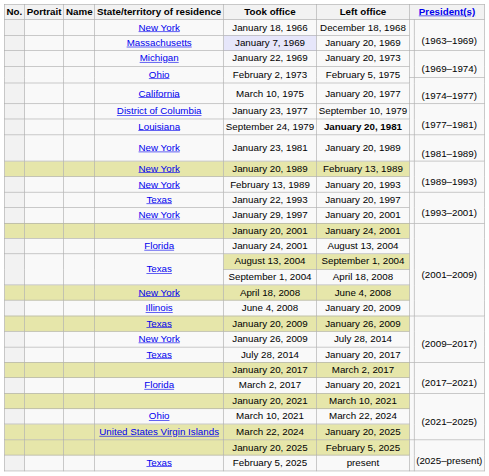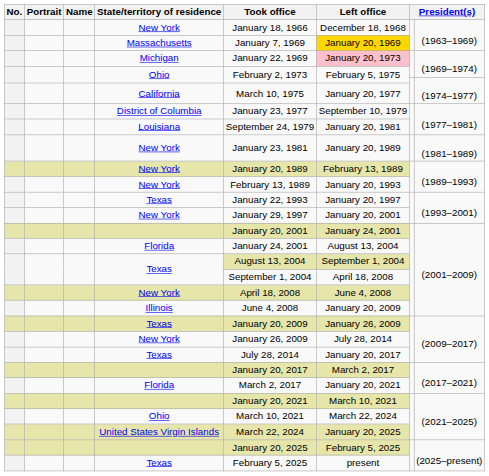 <table class="wikitable sortable" style="clear:left; text-align:center">
 <tr>
 <th>No.</th>
 <th class=unsortable>Portrait</th>
 <th>Name</th>
 <th>State/territory of residence</th>
 <th>Took office</th>
 <th>Left office</th>
 <th colspan=2><a href='#'>President(s)</a></th>
 </tr>
 <tr>
 <th style="background: "></th>
 <td></td>
 <td></td>
 <td><a href='#'>New York</a></td>
 <td>January 18, 1966</td>
 <td>December 18, 1968</td>
 <td rowspan=2 style="background: "></td>
 <td rowspan=2><br>(1963–1969)</td>
 </tr>
 <tr>
 <th style="background: "></th>
 <td></td>
 <td></td>
 <td><a href='#'>Massachusetts</a></td>
-<td style="background: lavender;">January 7, 1969</td>
-<td>January 20, 1969</td>
+<td>January 7, 1969</td>
+<td style="background: gold;">January 20, 1969</td>
 </tr>
 <tr>
 <th style="background: "></th>
 <td></td>
 <td></td>
 <td><a href='#'>Michigan</a></td>
 <td>January 22, 1969</td>
-<td>January 20, 1973</td>
+<td style="background: pink;">January 20, 1973</td>
 <td rowspan=2 style="background: "></td>
 <td rowspan=2><br>(1969–1974)</td>
 </tr>
 <tr>
 <th rowspan=2 style="background: "></th>
 <td rowspan=2></td>
 <td rowspan=2></td>
 <td rowspan=2><a href='#'>Ohio</a></td>
 <td rowspan=2>February 2, 1973</td>
 <td rowspan=2>February 5, 1975</td>
 </tr>
 <tr>
 <td rowspan=2 style="background: "></td>
 <td rowspan=2><br>(1974–1977)</td>
 </tr>
 <tr>
 <th style="background: "></th>
 <td></td>
 <td></td>
 <td><a href='#'>California</a></td>
 <td>March 10, 1975</td>
 <td>January 20, 1977</td>
 </tr>
 <tr>
 <th style="background: "></th>
 <td></td>
 <td></td>
 <td><a href='#'>District of Columbia</a></td>
 <td>January 23, 1977</td>
 <td>September 10, 1979</td>
 <td rowspan=2 style="background: "></td>
 <td rowspan=2><br>(1977–1981)</td>
 </tr>
 <tr>
 <th style="background: "></th>
 <td></td>
 <td></td>
 <td><a href='#'>Louisiana</a></td>
 <td>September 24, 1979</td>
-<td><strong>January 20, 1981</strong></td>
+<td>January 20, 1981</td>
 </tr>
 <tr>
 <th style="background: "></th>
 <td></td>
 <td></td>
 <td><a href='#'>New York</a></td>
 <td>January 23, 1981</td>
 <td>January 20, 1989</td>
 <td style="background: "></td>
 <td><br>(1981–1989)</td>
 </tr>
 <tr>
 <th style="background:#E6E6AA;"></th>
 <td bgcolor="#E6E6AA"></td>
 <td bgcolor="#E6E6AA"><br></td>
 <td bgcolor="#E6E6AA"><a href='#'>New York</a></td>
 <td bgcolor="#E6E6AA">January 20, 1989</td>
 <td bgcolor="#E6E6AA">February 13, 1989</td>
 <td rowspan=2 style="background: "></td>
 <td rowspan=2><br>(1989–1993)</td>
 </tr>
 <tr>
 <th style="background: "></th>
 <td></td>
 <td></td>
 <td><a href='#'>New York</a></td>
 <td>February 13, 1989</td>
 <td>January 20, 1993</td>
 </tr>
 <tr>
 <th style="background: "></th>
 <td></td>
 <td></td>
 <td><a href='#'>Texas</a></td>
 <td>January 22, 1993</td>
 <td>January 20, 1997</td>
 <td rowspan=2 style="background: "></td>
 <td rowspan=2><br>(1993–2001)</td>
 </tr>
 <tr>
 <th style="background: "></th>
 <td></td>
 <td></td>
 <td><a href='#'>New York</a></td>
 <td>January 29, 1997</td>
 <td>January 20, 2001</td>
 </tr>
 <tr>
 <th style="background:#E6E6AA;"></th>
 <td bgcolor="#E6E6AA"></td>
 <td bgcolor="#E6E6AA"><br></td>
 <td bgcolor="#E6E6AA"></td>
 <td bgcolor="#E6E6AA">January 20, 2001</td>
 <td bgcolor="#E6E6AA">January 24, 2001</td>
 <td rowspan="6" style="background: "></td>
 <td rowspan="6"><br>(2001–2009)</td>
 </tr>
 <tr>
 <th style="background: "></th>
 <td></td>
 <td></td>
 <td><a href='#'>Florida</a></td>
 <td>January 24, 2001</td>
 <td>August 13, 2004</td>
 </tr>
 <tr>
 <th rowspan=2 style="background: "></th>
 <td rowspan=2></td>
 <td rowspan=2></td>
 <td rowspan=2><a href='#'>Texas</a></td>
 <td bgcolor="#E6E6AA">August 13, 2004</td>
 <td bgcolor="#E6E6AA">September 1, 2004</td>
 </tr>
 <tr>
 <td>September 1, 2004</td>
 <td>April 18, 2008</td>
 </tr>
 <tr>
 <th style="background:#E6E6AA;"></th>
 <td bgcolor="#E6E6AA"></td>
 <td bgcolor="#E6E6AA"><br></td>
 <td bgcolor="#E6E6AA"><a href='#'>New York</a></td>
 <td bgcolor="#E6E6AA">April 18, 2008</td>
 <td bgcolor="#E6E6AA">June 4, 2008</td>
 </tr>
 <tr>
 <th style="background: "></th>
 <td></td>
 <td></td>
 <td><a href='#'>Illinois</a></td>
 <td>June 4, 2008</td>
 <td>January 20, 2009</td>
 </tr>
 <tr>
 <th style="background:#E6E6AA;"></th>
 <td bgcolor="#E6E6AA"></td>
 <td bgcolor="#E6E6AA"><br></td>
 <td bgcolor="#E6E6AA"><a href='#'>Texas</a></td>
 <td bgcolor="#E6E6AA">January 20, 2009</td>
 <td bgcolor="#E6E6AA">January 26, 2009</td>
 <td rowspan=3 style="background: "></td>
 <td rowspan=3><br>(2009–2017)</td>
 </tr>
 <tr>
 <th style="background: "></th>
 <td></td>
 <td></td>
 <td><a href='#'>New York</a></td>
 <td>January 26, 2009</td>
 <td>July 28, 2014</td>
 </tr>
 <tr>
 <th style="background: "></th>
 <td></td>
 <td></td>
 <td><a href='#'>Texas</a></td>
 <td>July 28, 2014</td>
 <td>January 20, 2017</td>
 </tr>
 <tr>
 <th style="background:#E6E6AA;"></th>
 <td bgcolor="#E6E6AA"></td>
 <td bgcolor="#E6E6AA"><br></td>
 <td bgcolor="#E6E6AA"></td>
 <td bgcolor="#E6E6AA">January 20, 2017</td>
 <td bgcolor="#E6E6AA">March 2, 2017</td>
 <td rowspan=2 style="background: "></td>
 <td rowspan=2><br>(2017–2021)</td>
 </tr>
 <tr>
 <th style="background: "></th>
 <td></td>
 <td></td>
 <td><a href='#'>Florida</a></td>
 <td>March 2, 2017</td>
 <td>January 20, 2021</td>
 </tr>
 <tr>
 <th style="background:#E6E6AA;"></th>
 <td bgcolor="#E6E6AA"></td>
 <td bgcolor="#E6E6AA"><br></td>
 <td bgcolor="#E6E6AA"></td>
 <td bgcolor="#E6E6AA">January 20, 2021</td>
 <td bgcolor="#E6E6AA">March 10, 2021</td>
 <td rowspan=3 style="background: "></td>
 <td rowspan=3><br>(2021–2025)</td>
 </tr>
 <tr>
 <th style="background: "></th>
 <td></td>
 <td></td>
 <td><a href='#'>Ohio</a></td>
 <td>March 10, 2021</td>
 <td>March 22, 2024</td>
 </tr>
 <tr>
 <th style="background:#E6E6AA;"></th>
 <td bgcolor="#E6E6AA"></td>
 <td bgcolor="#E6E6AA"><br></td>
 <td bgcolor="#E6E6AA"><a href='#'>United States Virgin Islands</a></td>
 <td bgcolor="#E6E6AA">March 22, 2024</td>
 <td bgcolor="#E6E6AA">January 20, 2025</td>
 </tr>
 <tr>
 <th style="background:#E6E6AA;"></th>
 <td bgcolor="#E6E6AA"></td>
 <td bgcolor="#E6E6AA"><br></td>
 <td bgcolor="#E6E6AA"></td>
 <td bgcolor="#E6E6AA">January 20, 2025</td>
 <td bgcolor="#E6E6AA">February 5, 2025</td>
 <td rowspan=2 style="background: "></td>
 <td rowspan=2><br>(2025–present)</td>
 </tr>
 <tr>
 <th style="background: "></th>
 <td></td>
 <td></td>
 <td><a href='#'>Texas</a></td>
 <td>February 5, 2025</td>
 <td>present</td>
 </tr>
 </table>
